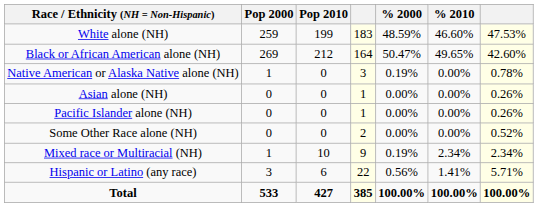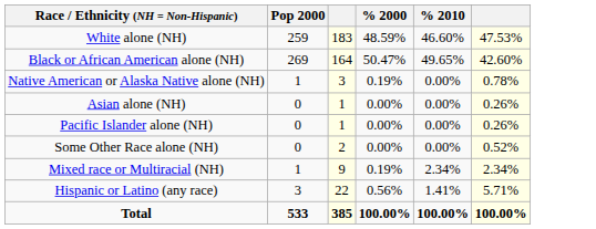 <table class="wikitable" style="text-align:center;">
 <tr>
 <th>Race / Ethnicity <small>(<em>NH = Non-Hispanic</em>)</small></th>
 <th>Pop 2000</th>
-<th>Pop 2010</th>
 <th></th>
 <th>% 2000</th>
 <th>% 2010</th>
 <th></th>
 </tr>
 <tr>
 <td><a href='#'>White</a> alone (NH)</td>
 <td>259</td>
-<td>199</td>
 <td style='background: #ffffe6;'>183</td>
 <td>48.59%</td>
 <td>46.60%</td>
 <td style='background: #ffffe6;'>47.53%</td>
 </tr>
 <tr>
 <td><a href='#'>Black or African American</a> alone (NH)</td>
 <td>269</td>
-<td>212</td>
 <td style='background: #ffffe6;'>164</td>
 <td>50.47%</td>
 <td>49.65%</td>
 <td style='background: #ffffe6;'>42.60%</td>
 </tr>
 <tr>
 <td><a href='#'>Native American</a> or <a href='#'>Alaska Native</a> alone (NH)</td>
 <td>1</td>
-<td>0</td>
 <td style='background: #ffffe6;'>3</td>
 <td>0.19%</td>
 <td>0.00%</td>
 <td style='background: #ffffe6;'>0.78%</td>
 </tr>
 <tr>
 <td><a href='#'>Asian</a> alone (NH)</td>
-<td>0</td>
 <td>0</td>
 <td style='background: #ffffe6;'>1</td>
 <td>0.00%</td>
 <td>0.00%</td>
 <td style='background: #ffffe6;'>0.26%</td>
 </tr>
 <tr>
 <td><a href='#'>Pacific Islander</a> alone (NH)</td>
 <td>0</td>
-<td>0</td>
 <td style='background: #ffffe6;'>1</td>
 <td>0.00%</td>
 <td>0.00%</td>
 <td style='background: #ffffe6;'>0.26%</td>
 </tr>
 <tr>
 <td>Some Other Race alone (NH)</td>
-<td>0</td>
 <td>0</td>
 <td style='background: #ffffe6;'>2</td>
 <td>0.00%</td>
 <td>0.00%</td>
 <td style='background: #ffffe6;'>0.52%</td>
 </tr>
 <tr>
 <td><a href='#'>Mixed race or Multiracial</a> (NH)</td>
 <td>1</td>
-<td>10</td>
 <td style='background: #ffffe6;'>9</td>
 <td>0.19%</td>
 <td>2.34%</td>
 <td style='background: #ffffe6;'>2.34%</td>
 </tr>
 <tr>
 <td><a href='#'>Hispanic or Latino</a> (any race)</td>
 <td>3</td>
-<td>6</td>
 <td style='background: #ffffe6;'>22</td>
 <td>0.56%</td>
 <td>1.41%</td>
 <td style='background: #ffffe6;'>5.71%</td>
 </tr>
 <tr>
 <td><strong>Total</strong></td>
 <td><strong>533</strong></td>
-<td><strong>427</strong></td>
 <td style='background: #ffffe6;'><strong>385</strong></td>
 <td><strong>100.00%</strong></td>
 <td><strong>100.00%</strong></td>
 <td style='background: #ffffe6;'><strong>100.00%</strong></td>
 </tr>
 </table>
